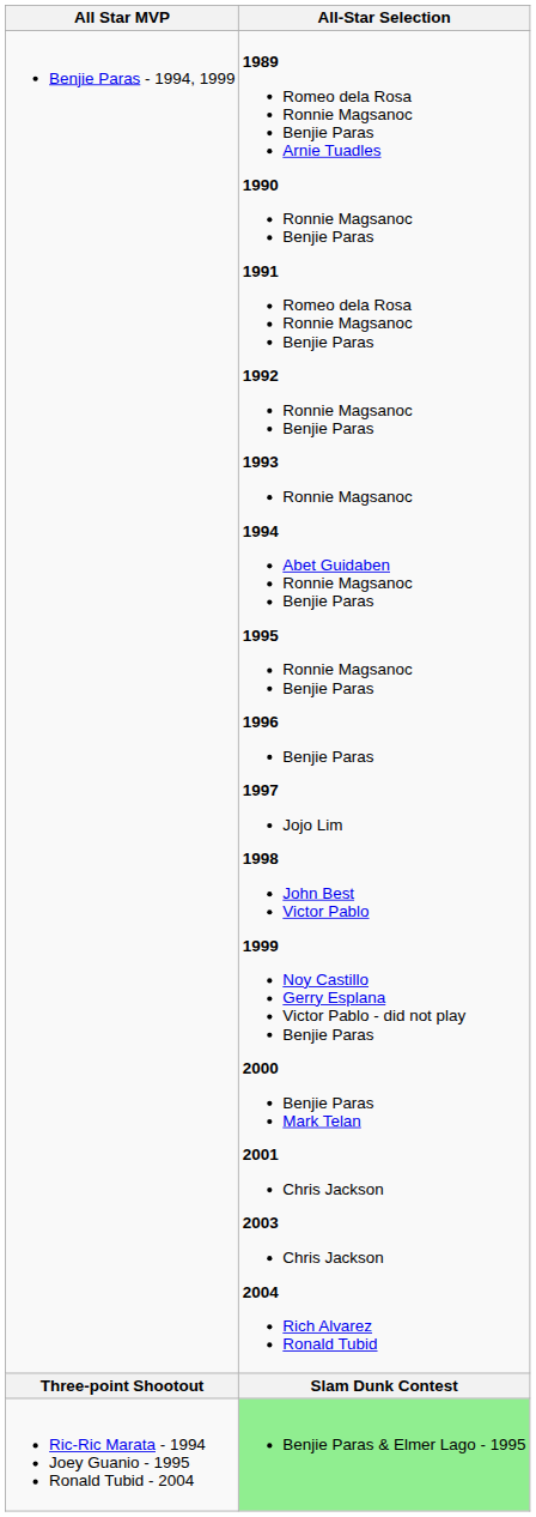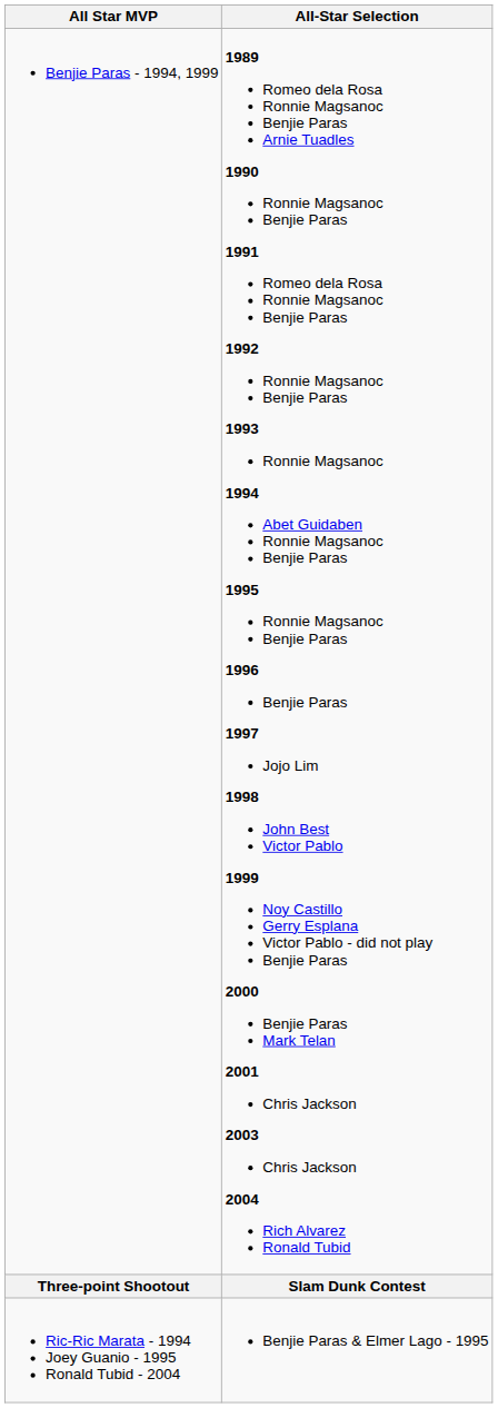 <table class=wikitable>
 <tr>
 <th>All Star MVP</th>
 <th>All-Star Selection</th>
 </tr>
 <tr>
 <td valign="top"><br><ul><li><a href='#'>Benjie Paras</a> - 1994, 1999</li></ul></td>
 <td valign="top"><br><strong>1989</strong><ul><li>Romeo dela Rosa</li><li>Ronnie Magsanoc</li><li>Benjie Paras</li><li><a href='#'>Arnie Tuadles</a></li></ul><strong>1990</strong><ul><li>Ronnie Magsanoc</li><li>Benjie Paras</li></ul><strong>1991</strong><ul><li>Romeo dela Rosa</li><li>Ronnie Magsanoc</li><li>Benjie Paras</li></ul><strong>1992</strong><ul><li>Ronnie Magsanoc</li><li>Benjie Paras</li></ul><strong>1993</strong><ul><li>Ronnie Magsanoc</li></ul><strong>1994</strong><ul><li><a href='#'>Abet Guidaben</a></li><li>Ronnie Magsanoc</li><li>Benjie Paras</li></ul><strong>1995</strong><ul><li>Ronnie Magsanoc</li><li>Benjie Paras</li></ul><strong>1996</strong><ul><li>Benjie Paras</li></ul><strong>1997</strong><ul><li>Jojo Lim</li></ul><strong>1998</strong><ul><li><a href='#'>John Best</a></li><li><a href='#'>Victor Pablo</a></li></ul><strong>1999</strong><ul><li><a href='#'>Noy Castillo</a></li><li><a href='#'>Gerry Esplana</a></li><li>Victor Pablo - did not play</li><li>Benjie Paras</li></ul><strong>2000</strong><ul><li>Benjie Paras</li><li><a href='#'>Mark Telan</a></li></ul><strong>2001</strong><ul><li>Chris Jackson</li></ul><strong>2003</strong><ul><li>Chris Jackson</li></ul><strong>2004</strong><ul><li><a href='#'>Rich Alvarez</a></li><li><a href='#'>Ronald Tubid</a></li></ul></td>
 </tr>
 <tr>
 <th>Three-point Shootout</th>
 <th>Slam Dunk Contest</th>
 </tr>
 <tr>
 <td valign="top"><br><ul><li><a href='#'>Ric-Ric Marata</a> - 1994</li><li>Joey Guanio - 1995</li><li>Ronald Tubid - 2004</li></ul></td>
-<td valign="top" style="background: lightgreen;"><br><ul><li>Benjie Paras & Elmer Lago - 1995</li></ul></td>
+<td valign="top"><br><ul><li>Benjie Paras & Elmer Lago - 1995</li></ul></td>
 </tr>
 </table>
